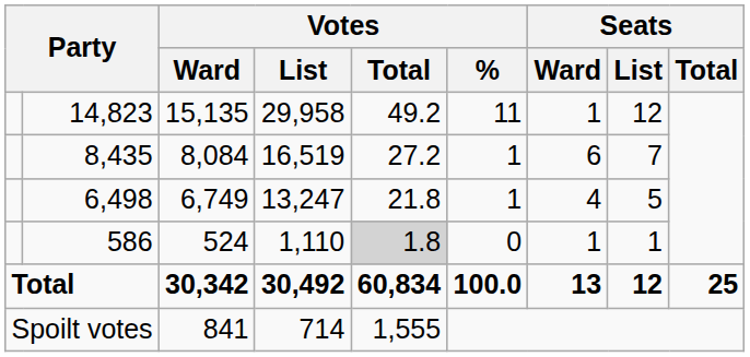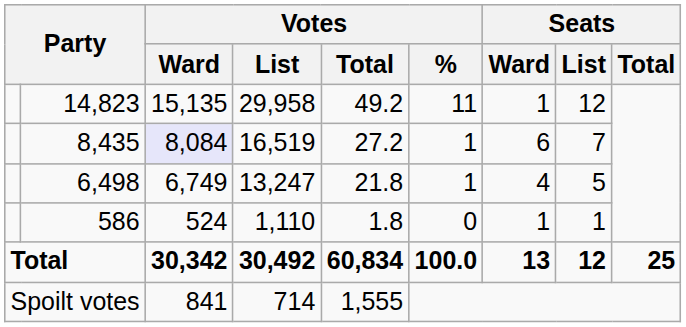 <table class=wikitable style="text-align:right">
 <tr>
 <th rowspan="2" colspan="2">Party</th>
 <th colspan="4" align="center">Votes</th>
 <th colspan="3" align="center">Seats</th>
 </tr>
 <tr>
 <th>Ward</th>
 <th>List</th>
 <th>Total</th>
 <th>%</th>
 <th>Ward</th>
 <th>List</th>
 <th>Total</th>
 </tr>
 <tr>
 <td></td>
 <td>14,823</td>
 <td>15,135</td>
 <td>29,958</td>
 <td>49.2</td>
 <td>11</td>
 <td>1</td>
 <td>12</td>
 </tr>
 <tr>
 <td></td>
 <td>8,435</td>
-<td>8,084</td>
+<td style="background: lavender;">8,084</td>
 <td>16,519</td>
 <td>27.2</td>
 <td>1</td>
 <td>6</td>
 <td>7</td>
 </tr>
 <tr>
 <td></td>
 <td>6,498</td>
 <td>6,749</td>
 <td>13,247</td>
 <td>21.8</td>
 <td>1</td>
 <td>4</td>
 <td>5</td>
 </tr>
 <tr>
 <td></td>
 <td>586</td>
 <td>524</td>
 <td>1,110</td>
-<td style="background: lightgrey;">1.8</td>
+<td>1.8</td>
 <td>0</td>
 <td>1</td>
 <td>1</td>
 </tr>
 <tr>
 <td colspan="2" style="text-align:left"><strong>Total</strong></td>
 <td><strong>30,342</strong></td>
 <td><strong>30,492</strong></td>
 <td><strong>60,834</strong></td>
 <td><strong>100.0</strong></td>
 <td><strong>13</strong></td>
 <td><strong>12</strong></td>
 <td><strong>25</strong></td>
 </tr>
 <tr>
 <td colspan="2" style="text-align:left">Spoilt votes</td>
 <td>841</td>
 <td>714</td>
 <td>1,555</td>
 </tr>
 </table>
